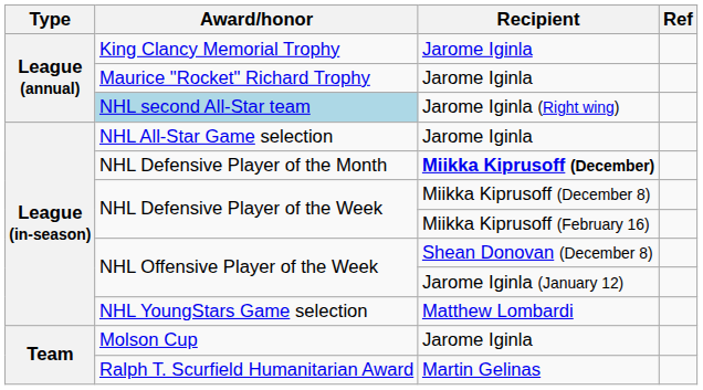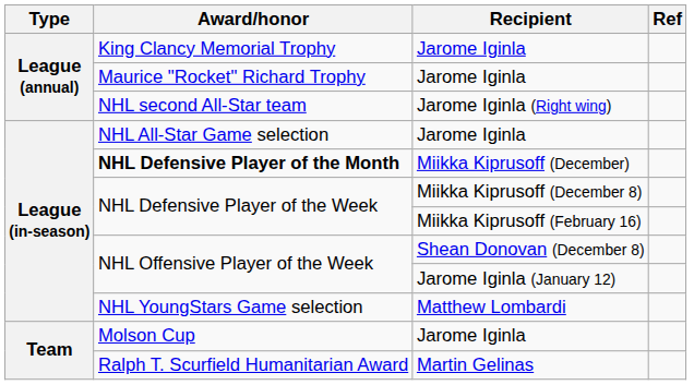 <table class="wikitable">
 <tr>
 <th scope="col">Type</th>
 <th scope="col">Award/honor</th>
 <th scope="col">Recipient</th>
 <th scope="col">Ref</th>
 </tr>
 <tr>
 <th scope="row" rowspan="3">League<br><small>(annual)</small></th>
 <td><a href='#'>King Clancy Memorial Trophy</a></td>
 <td><a href='#'>Jarome Iginla</a></td>
 <td></td>
 </tr>
 <tr>
 <td><a href='#'>Maurice "Rocket" Richard Trophy</a></td>
 <td>Jarome Iginla</td>
 <td></td>
 </tr>
 <tr>
-<td style="background: lightblue;"><a href='#'>NHL second All-Star team</a></td>
+<td><a href='#'>NHL second All-Star team</a></td>
 <td>Jarome Iginla <small>(<a href='#'>Right wing</a>)</small></td>
 <td></td>
 </tr>
 <tr>
 <th scope="row" rowspan="7">League<br><small>(in-season)</small></th>
 <td><a href='#'>NHL All-Star Game</a> selection</td>
 <td>Jarome Iginla</td>
 <td></td>
 </tr>
 <tr>
-<td>NHL Defensive Player of the Month</td>
-<td><strong><a href='#'>Miikka Kiprusoff</a> <small>(December)</small></strong></td>
+<td><strong>NHL Defensive Player of the Month</strong></td>
+<td><a href='#'>Miikka Kiprusoff</a> <small>(December)</small></td>
 <td></td>
 </tr>
 <tr>
 <td rowspan="2">NHL Defensive Player of the Week</td>
 <td>Miikka Kiprusoff <small>(December 8)</small></td>
 <td></td>
 </tr>
 <tr>
 <td>Miikka Kiprusoff <small>(February 16)</small></td>
 <td></td>
 </tr>
 <tr>
 <td rowspan="2">NHL Offensive Player of the Week</td>
 <td><a href='#'>Shean Donovan</a> <small>(December 8)</small></td>
 <td></td>
 </tr>
 <tr>
 <td>Jarome Iginla <small>(January 12)</small></td>
 <td></td>
 </tr>
 <tr>
 <td><a href='#'>NHL YoungStars Game</a> selection</td>
 <td><a href='#'>Matthew Lombardi</a></td>
 <td></td>
 </tr>
 <tr>
 <th scope="row" rowspan="2">Team</th>
 <td><a href='#'>Molson Cup</a></td>
 <td>Jarome Iginla</td>
 <td></td>
 </tr>
 <tr>
 <td><a href='#'>Ralph T. Scurfield Humanitarian Award</a></td>
 <td><a href='#'>Martin Gelinas</a></td>
 <td></td>
 </tr>
 </table>
